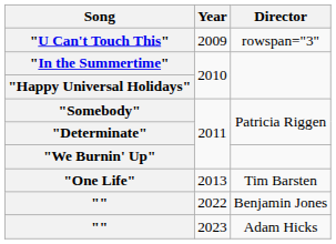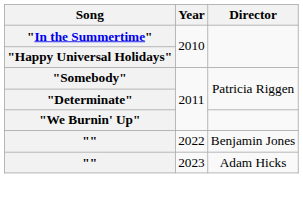 <table class="wikitable plainrowheaders" style="text-align:center;" border="1">
 <tr>
 <th scope="col">Song</th>
 <th scope="col">Year</th>
 <th scope="col">Director</th>
-</tr>
-<tr>
-<th scope="row">"<a href='#'>U Can't Touch This</a>"</th>
-<td>2009</td>
-<td>rowspan="3" </td>
 </tr>
 <tr>
 <th scope="row">"<a href='#'>In the Summertime</a>"</th>
 <td rowspan="2">2010</td>
 </tr>
 <tr>
 <th scope="row">"Happy Universal Holidays"</th>
 </tr>
 <tr>
 <th scope="row">"Somebody"</th>
 <td rowspan="3">2011</td>
 <td rowspan="2">Patricia Riggen</td>
 </tr>
 <tr>
 <th scope="row">"Determinate"</th>
 </tr>
 <tr>
 <th scope="row">"We Burnin' Up"</th>
 <td></td>
 </tr>
 <tr>
-<th scope="row">"One Life"</th>
-<td>2013</td>
-<td>Tim Barsten</td>
-</tr>
-<tr>
 <th scope="row">""</th>
 <td>2022</td>
 <td>Benjamin Jones</td>
 </tr>
 <tr>
 <th scope="row">""</th>
 <td>2023</td>
 <td>Adam Hicks</td>
 </tr>
 </table>
